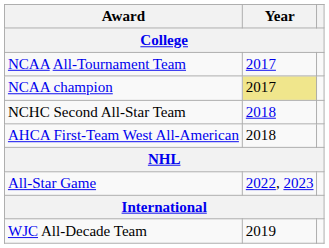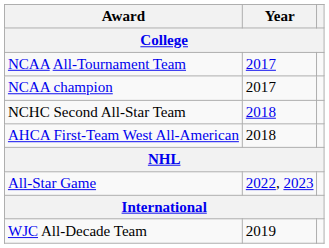 <table class="wikitable">
 <tr>
 <th>Award</th>
 <th>Year</th>
 <th></th>
 </tr>
 <tr>
 <th colspan="3"><a href='#'>College</a></th>
 </tr>
 <tr>
 <td><a href='#'>NCAA</a> <a href='#'>All-Tournament Team</a></td>
 <td><a href='#'>2017</a></td>
 <td></td>
 </tr>
 <tr>
 <td><a href='#'>NCAA champion</a></td>
-<td style="background: khaki;">2017</td>
+<td>2017</td>
 <td></td>
 </tr>
 <tr>
 <td>NCHC Second All-Star Team</td>
 <td><a href='#'>2018</a></td>
 <td></td>
 </tr>
 <tr>
 <td><a href='#'>AHCA First-Team West All-American</a></td>
 <td>2018</td>
 <td></td>
 </tr>
 <tr>
 <th colspan="3"><a href='#'>NHL</a></th>
 </tr>
 <tr>
 <td><a href='#'>All-Star Game</a></td>
 <td><a href='#'>2022</a>, <a href='#'>2023</a></td>
 <td></td>
 </tr>
 <tr>
 <th colspan="3"><a href='#'>International</a></th>
 </tr>
 <tr>
 <td><a href='#'>WJC</a> All-Decade Team</td>
 <td>2019</td>
 <td></td>
 </tr>
 </table>
